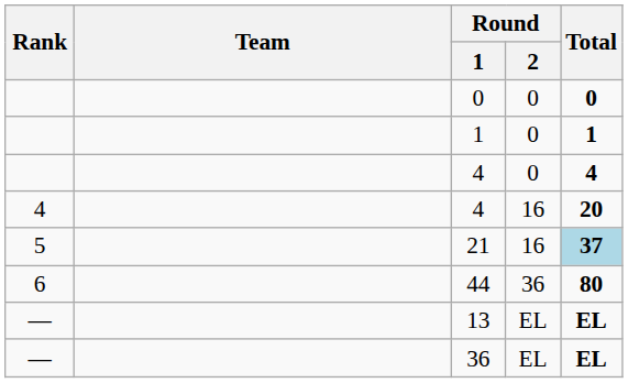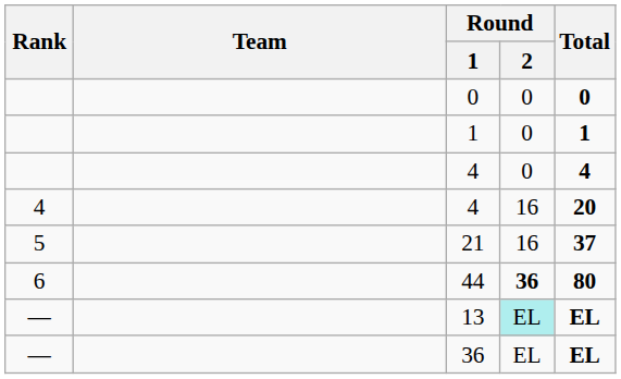 <table class=wikitable style="text-align:center">
 <tr>
 <th rowspan=2 width=40>Rank</th>
 <th rowspan=2 width=250>Team</th>
 <th colspan=2>Round</th>
 <th rowspan=2 width=35>Total</th>
 </tr>
 <tr>
 <th width=30>1</th>
 <th width=30>2</th>
 </tr>
 <tr>
 <td></td>
 <td align=left></td>
 <td>0</td>
 <td>0</td>
 <td><strong>0</strong></td>
 </tr>
 <tr>
 <td></td>
 <td align=left></td>
 <td>1</td>
 <td>0</td>
 <td><strong>1</strong></td>
 </tr>
 <tr>
 <td></td>
 <td align=left></td>
 <td>4</td>
 <td>0</td>
 <td><strong>4</strong></td>
 </tr>
 <tr>
 <td>4</td>
 <td align=left></td>
 <td>4</td>
 <td>16</td>
 <td><strong>20</strong></td>
 </tr>
 <tr>
 <td>5</td>
 <td align=left></td>
 <td>21</td>
 <td>16</td>
-<td style="background: lightblue;"><strong>37</strong></td>
+<td><strong>37</strong></td>
 </tr>
 <tr>
 <td>6</td>
 <td align=left></td>
 <td>44</td>
-<td>36</td>
+<td><strong>36</strong></td>
 <td><strong>80</strong></td>
 </tr>
 <tr>
 <td>—</td>
 <td align=left></td>
 <td>13</td>
-<td>EL</td>
+<td style="background: paleturquoise;">EL</td>
 <td><strong>EL</strong></td>
 </tr>
 <tr>
 <td>—</td>
 <td align=left></td>
 <td>36</td>
 <td>EL</td>
 <td><strong>EL</strong></td>
 </tr>
 </table>
